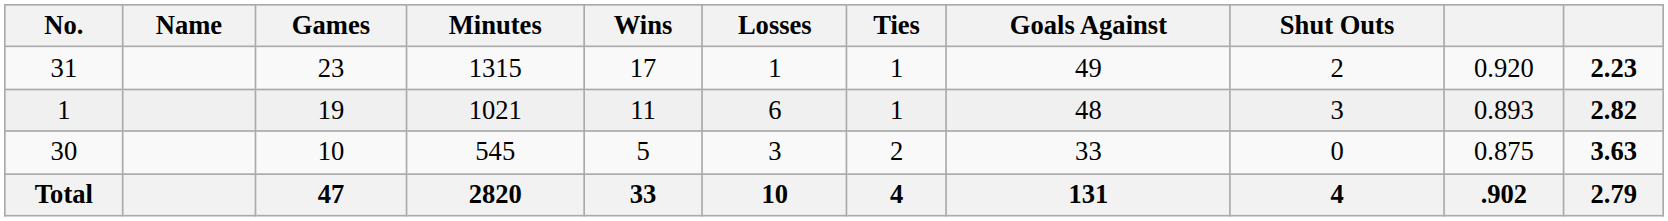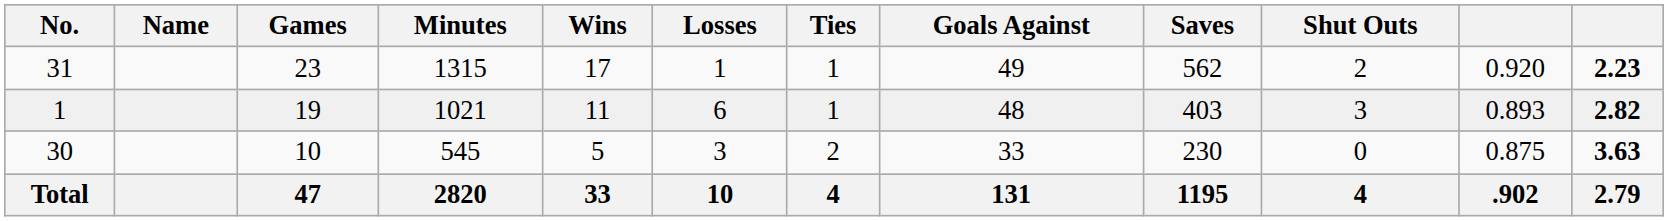 <table class="wikitable sortable" width ="1000">
 <tr align="center">
 <th><strong>No.</strong></th>
 <th><strong>Name</strong></th>
 <th><strong>Games</strong></th>
 <th><strong>Minutes</strong></th>
 <th><strong>Wins</strong></th>
 <th><strong>Losses</strong></th>
 <th><strong>Ties</strong></th>
 <th><strong>Goals Against</strong></th>
+<th><strong>Saves</strong></th>
 <th><strong>Shut Outs</strong></th>
 <th><strong><a href='#'></a></strong></th>
 <th><strong><a href='#'></a></strong></th>
 </tr>
 <tr align="center" bgcolor="">
 <td>31</td>
 <td></td>
 <td>23</td>
 <td>1315</td>
 <td>17</td>
 <td>1</td>
 <td>1</td>
 <td>49</td>
+<td>562</td>
 <td>2</td>
 <td>0.920</td>
 <td><strong>2.23</strong></td>
 </tr>
 <tr align="center" bgcolor="#f0f0f0">
 <td>1</td>
 <td></td>
 <td>19</td>
 <td>1021</td>
 <td>11</td>
 <td>6</td>
 <td>1</td>
 <td>48</td>
+<td>403</td>
 <td>3</td>
 <td>0.893</td>
 <td><strong>2.82</strong></td>
 </tr>
 <tr align="center" bgcolor="">
 <td>30</td>
 <td></td>
 <td>10</td>
 <td>545</td>
 <td>5</td>
 <td>3</td>
 <td>2</td>
 <td>33</td>
+<td>230</td>
 <td>0</td>
 <td>0.875</td>
 <td><strong>3.63</strong></td>
 </tr>
 <tr>
 <th>Total</th>
 <th></th>
 <th>47</th>
 <th>2820</th>
 <th>33</th>
 <th>10</th>
 <th>4</th>
 <th>131</th>
+<th>1195</th>
 <th>4</th>
 <th>.902</th>
 <th>2.79</th>
 </tr>
 </table>
